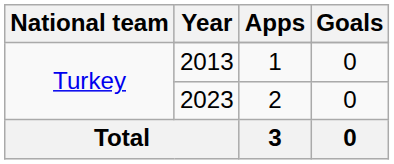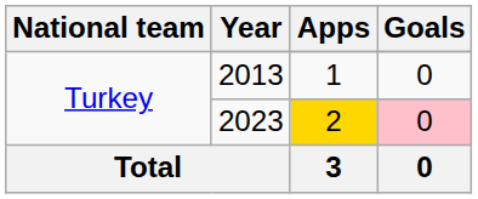 <table class="wikitable" style="text-align:center">
 <tr>
 <th>National team</th>
 <th>Year</th>
 <th>Apps</th>
 <th>Goals</th>
 </tr>
 <tr>
 <td rowspan="3"><a href='#'>Turkey</a></td>
 </tr>
 <tr>
 <td>2013</td>
 <td>1</td>
 <td>0</td>
 </tr>
 <tr>
 <td>2023</td>
-<td>2</td>
-<td>0</td>
+<td style="background: gold;">2</td>
+<td style="background: pink;">0</td>
 </tr>
 <tr>
 <th colspan="2">Total</th>
 <th>3</th>
 <th>0</th>
 </tr>
 </table>
